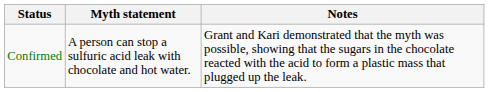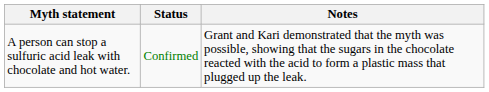 <table class="wikitable plainrowheaders">
 <tr>
+<th>Myth statement</th>
 <th>Status</th>
-<th>Myth statement</th>
 <th>Notes</th>
 </tr>
 <tr>
+<td>A person can stop a sulfuric acid leak with chocolate and hot water.</td>
 <td style="color:green">Confirmed</td>
-<td>A person can stop a sulfuric acid leak with chocolate and hot water.</td>
 <td>Grant and Kari demonstrated that the myth was possible, showing that the sugars in the chocolate reacted with the acid to form a plastic mass that plugged up the leak.</td>
 </tr>
 </table>
